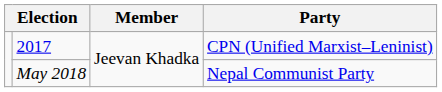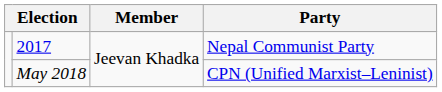 <table class="wikitable">
 <tr>
 <th colspan="2">Election</th>
 <th>Member</th>
 <th>Party</th>
 </tr>
 <tr>
 <td rowspan="2" style="background-color:"></td>
 <td><a href='#'>2017</a></td>
 <td rowspan="2">Jeevan Khadka</td>
-<td><a href='#'>CPN (Unified Marxist–Leninist)</a></td>
+<td><a href='#'>Nepal Communist Party</a></td>
 </tr>
 <tr>
 <td><em>May 2018</em></td>
-<td><a href='#'>Nepal Communist Party</a></td>
+<td><a href='#'>CPN (Unified Marxist–Leninist)</a></td>
 </tr>
 </table>
